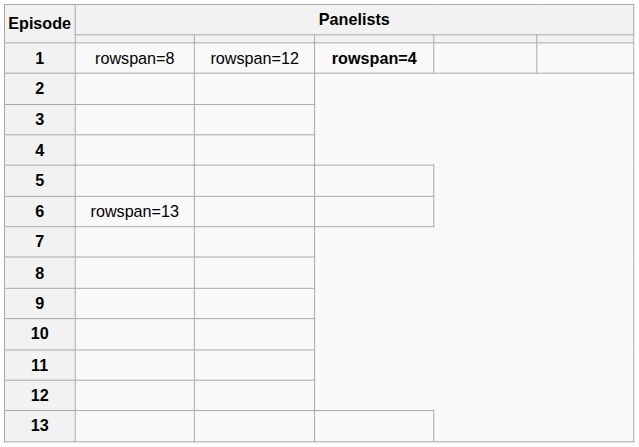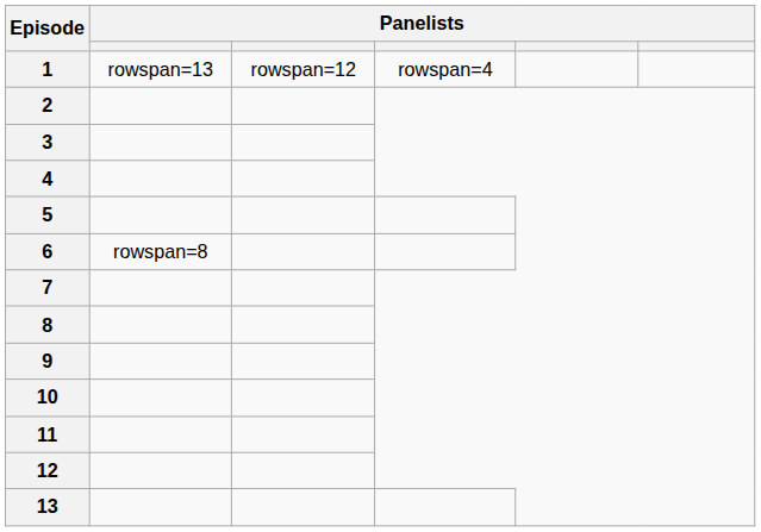 <table class="wikitable plainrowheaders mw-collapsible" style="text-align:center; line-height:23px; width:100%;">
 <tr>
 <th rowspan="2" width="1%">Episode</th>
 <th colspan="5">Panelists</th>
 </tr>
 <tr>
 <th width="20%"></th>
 <th width="20%"></th>
 <th width="20%"></th>
 <th width="20%"></th>
 <th width="20%"></th>
 </tr>
 <tr>
 <th>1</th>
-<td>rowspan=8 </td>
+<td>rowspan=13 </td>
 <td>rowspan=12 </td>
-<td><strong>rowspan=4 </strong></td>
+<td>rowspan=4 </td>
 <td></td>
 <td></td>
 </tr>
 <tr>
 <th>2</th>
 <td></td>
 <td></td>
 </tr>
 <tr>
 <th>3</th>
 <td></td>
 <td></td>
 </tr>
 <tr>
 <th>4</th>
 <td></td>
 <td></td>
 </tr>
 <tr>
 <th>5</th>
 <td></td>
 <td></td>
 <td></td>
 </tr>
 <tr>
 <th>6</th>
-<td>rowspan=13 </td>
+<td>rowspan=8 </td>
 <td></td>
 <td></td>
 </tr>
 <tr>
 <th>7</th>
 <td></td>
 <td></td>
 </tr>
 <tr>
 <th>8</th>
 <td></td>
 <td></td>
 </tr>
 <tr>
 <th>9</th>
 <td></td>
 <td></td>
 </tr>
 <tr>
 <th>10</th>
 <td></td>
 <td></td>
 </tr>
 <tr>
 <th>11</th>
 <td></td>
 <td></td>
 </tr>
 <tr>
 <th>12</th>
 <td></td>
 <td></td>
 </tr>
 <tr>
 <th>13</th>
 <td></td>
 <td></td>
 <td></td>
 </tr>
 </table>
